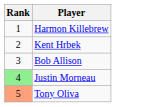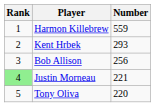 <table class="wikitable" style="font-size: 95%; text-align:left;">
 <tr>
 <th>Rank</th>
 <th>Player</th>
+<th>Number</th>
 </tr>
 <tr>
 <td align="center">1</td>
 <td><a href='#'>Harmon Killebrew</a></td>
+<td>559</td>
 </tr>
 <tr>
 <td align="center">2</td>
 <td><a href='#'>Kent Hrbek</a></td>
+<td>293</td>
 </tr>
 <tr>
 <td align="center">3</td>
 <td><a href='#'>Bob Allison</a></td>
+<td>256</td>
 </tr>
 <tr>
 <td align="center" style="background: lightgreen;">4</td>
 <td><a href='#'>Justin Morneau</a></td>
+<td>221</td>
 </tr>
 <tr>
-<td align="center" style="background: lightsalmon;">5</td>
+<td align="center">5</td>
 <td><a href='#'>Tony Oliva</a></td>
+<td>220</td>
 </tr>
 </table>
